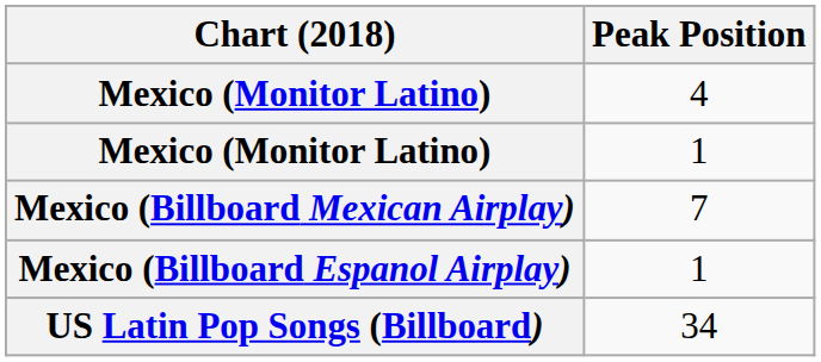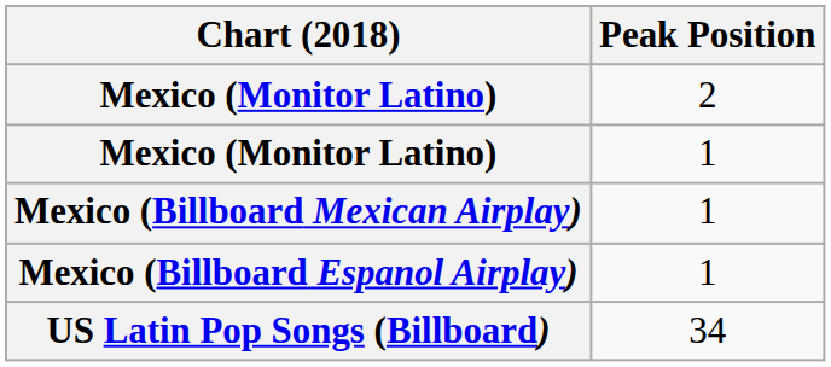 <table class="wikitable sortable plainrowheaders" style="text-align:center">
 <tr>
 <th>Chart (2018)</th>
 <th>Peak Position</th>
 </tr>
 <tr>
 <th scope="row">Mexico (<a href='#'>Monitor Latino</a>)<em></th>
-<td>4</td>
+<td>2</td>
 </tr>
 <tr>
 <th scope="row">Mexico (Monitor Latino)</th>
 <td>1</td>
 </tr>
 <tr>
 <th scope="row">Mexico (<a href='#'></em>Billboard<em> Mexican Airplay</a>)</th>
-<td>7</td>
+<td>1</td>
 </tr>
 <tr>
 <th scope="row">Mexico (<a href='#'></em>Billboard<em> Espanol Airplay</a>)</th>
 <td>1</td>
 </tr>
 <tr>
 <th scope="row">US <a href='#'>Latin Pop Songs</a> (<a href='#'></em>Billboard<em></a>)</th>
 <td>34</td>
 </tr>
 </table>
